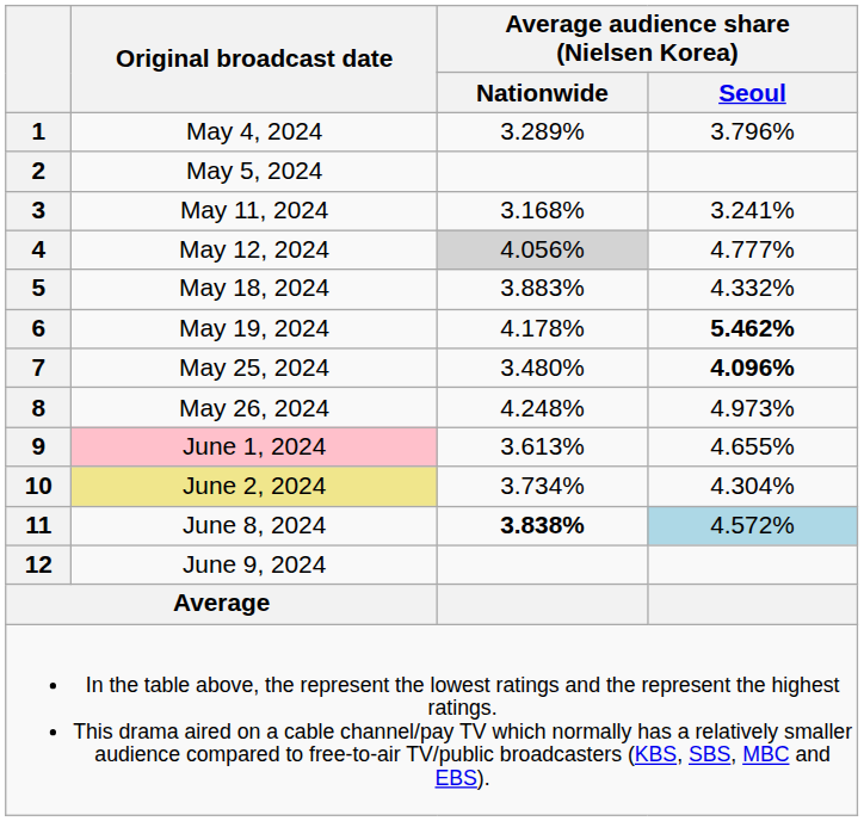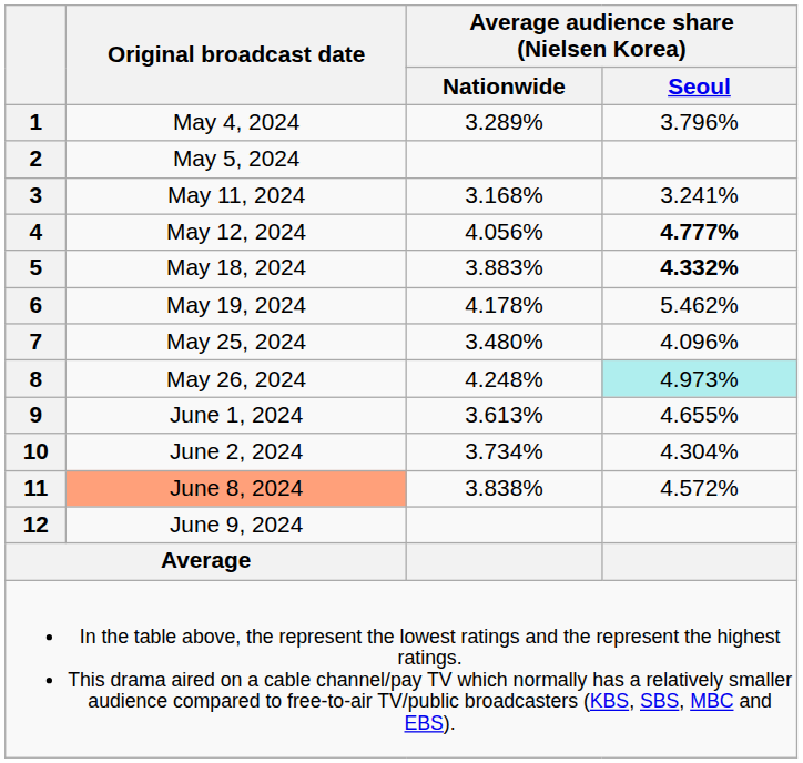 <table class="wikitable" style="margin-left:auto; margin-right:auto; width:550px; text-align:center">
 <tr>
 <th scope="col" rowspan="2"></th>
 <th scope="col" rowspan="2">Original broadcast date</th>
 <th scope="col" colspan="2">Average audience share<br>(Nielsen Korea)</th>
 </tr>
 <tr>
 <th scope="col" style="width:8em">Nationwide</th>
 <th scope="col" style="width:8em"><a href='#'>Seoul</a></th>
 </tr>
 <tr>
 <th scope="col">1</th>
 <td>May 4, 2024</td>
 <td>3.289% </td>
 <td>3.796% </td>
 </tr>
 <tr>
 <th scope="col">2</th>
 <td>May 5, 2024</td>
 <td><strong></strong> </td>
 <td><strong></strong> </td>
 </tr>
 <tr>
 <th scope="col">3</th>
 <td>May 11, 2024</td>
 <td>3.168% </td>
 <td>3.241% </td>
 </tr>
 <tr>
 <th scope="col">4</th>
 <td>May 12, 2024</td>
-<td style="background: lightgrey;">4.056% </td>
-<td>4.777% </td>
+<td>4.056% </td>
+<td><strong>4.777% </strong></td>
 </tr>
 <tr>
 <th scope="col">5</th>
 <td>May 18, 2024</td>
 <td>3.883% </td>
-<td>4.332% </td>
+<td><strong>4.332% </strong></td>
 </tr>
 <tr>
 <th scope="col">6</th>
 <td>May 19, 2024</td>
 <td>4.178% </td>
-<td><strong>5.462% </strong></td>
+<td>5.462% </td>
 </tr>
 <tr>
 <th scope="col">7</th>
 <td>May 25, 2024</td>
 <td>3.480% </td>
-<td><strong>4.096% </strong></td>
+<td>4.096% </td>
 </tr>
 <tr>
 <th scope="col">8</th>
 <td>May 26, 2024</td>
 <td>4.248% </td>
-<td>4.973% </td>
+<td style="background: paleturquoise;">4.973% </td>
 </tr>
 <tr>
 <th scope="col">9</th>
-<td style="background: pink;">June 1, 2024</td>
+<td>June 1, 2024</td>
 <td>3.613% </td>
 <td>4.655% </td>
 </tr>
 <tr>
 <th scope="col">10</th>
-<td style="background: khaki;">June 2, 2024</td>
+<td>June 2, 2024</td>
 <td>3.734% </td>
 <td>4.304% </td>
 </tr>
 <tr>
 <th scope="col">11</th>
-<td>June 8, 2024</td>
-<td><strong>3.838% </strong></td>
-<td style="background: lightblue;">4.572% </td>
+<td style="background: lightsalmon;">June 8, 2024</td>
+<td>3.838% </td>
+<td>4.572% </td>
 </tr>
 <tr>
 <th scope="col">12</th>
 <td>June 9, 2024</td>
 <td><strong></strong> </td>
 <td><strong></strong> </td>
 </tr>
 <tr>
 <th scope="col" colspan="2">Average</th>
 <th scope="col"></th>
 <th scope="col"></th>
 </tr>
 <tr>
 <td colspan="4" style="font-size:85%"><br><ul><li>In the table above, the <strong></strong> represent the lowest ratings and the <strong></strong> represent the highest ratings.</li><li>This drama aired on a cable channel/pay TV which normally has a relatively smaller audience compared to free-to-air TV/public broadcasters (<a href='#'>KBS</a>, <a href='#'>SBS</a>, <a href='#'>MBC</a> and <a href='#'>EBS</a>).</li></ul></td>
 </tr>
 </table>
